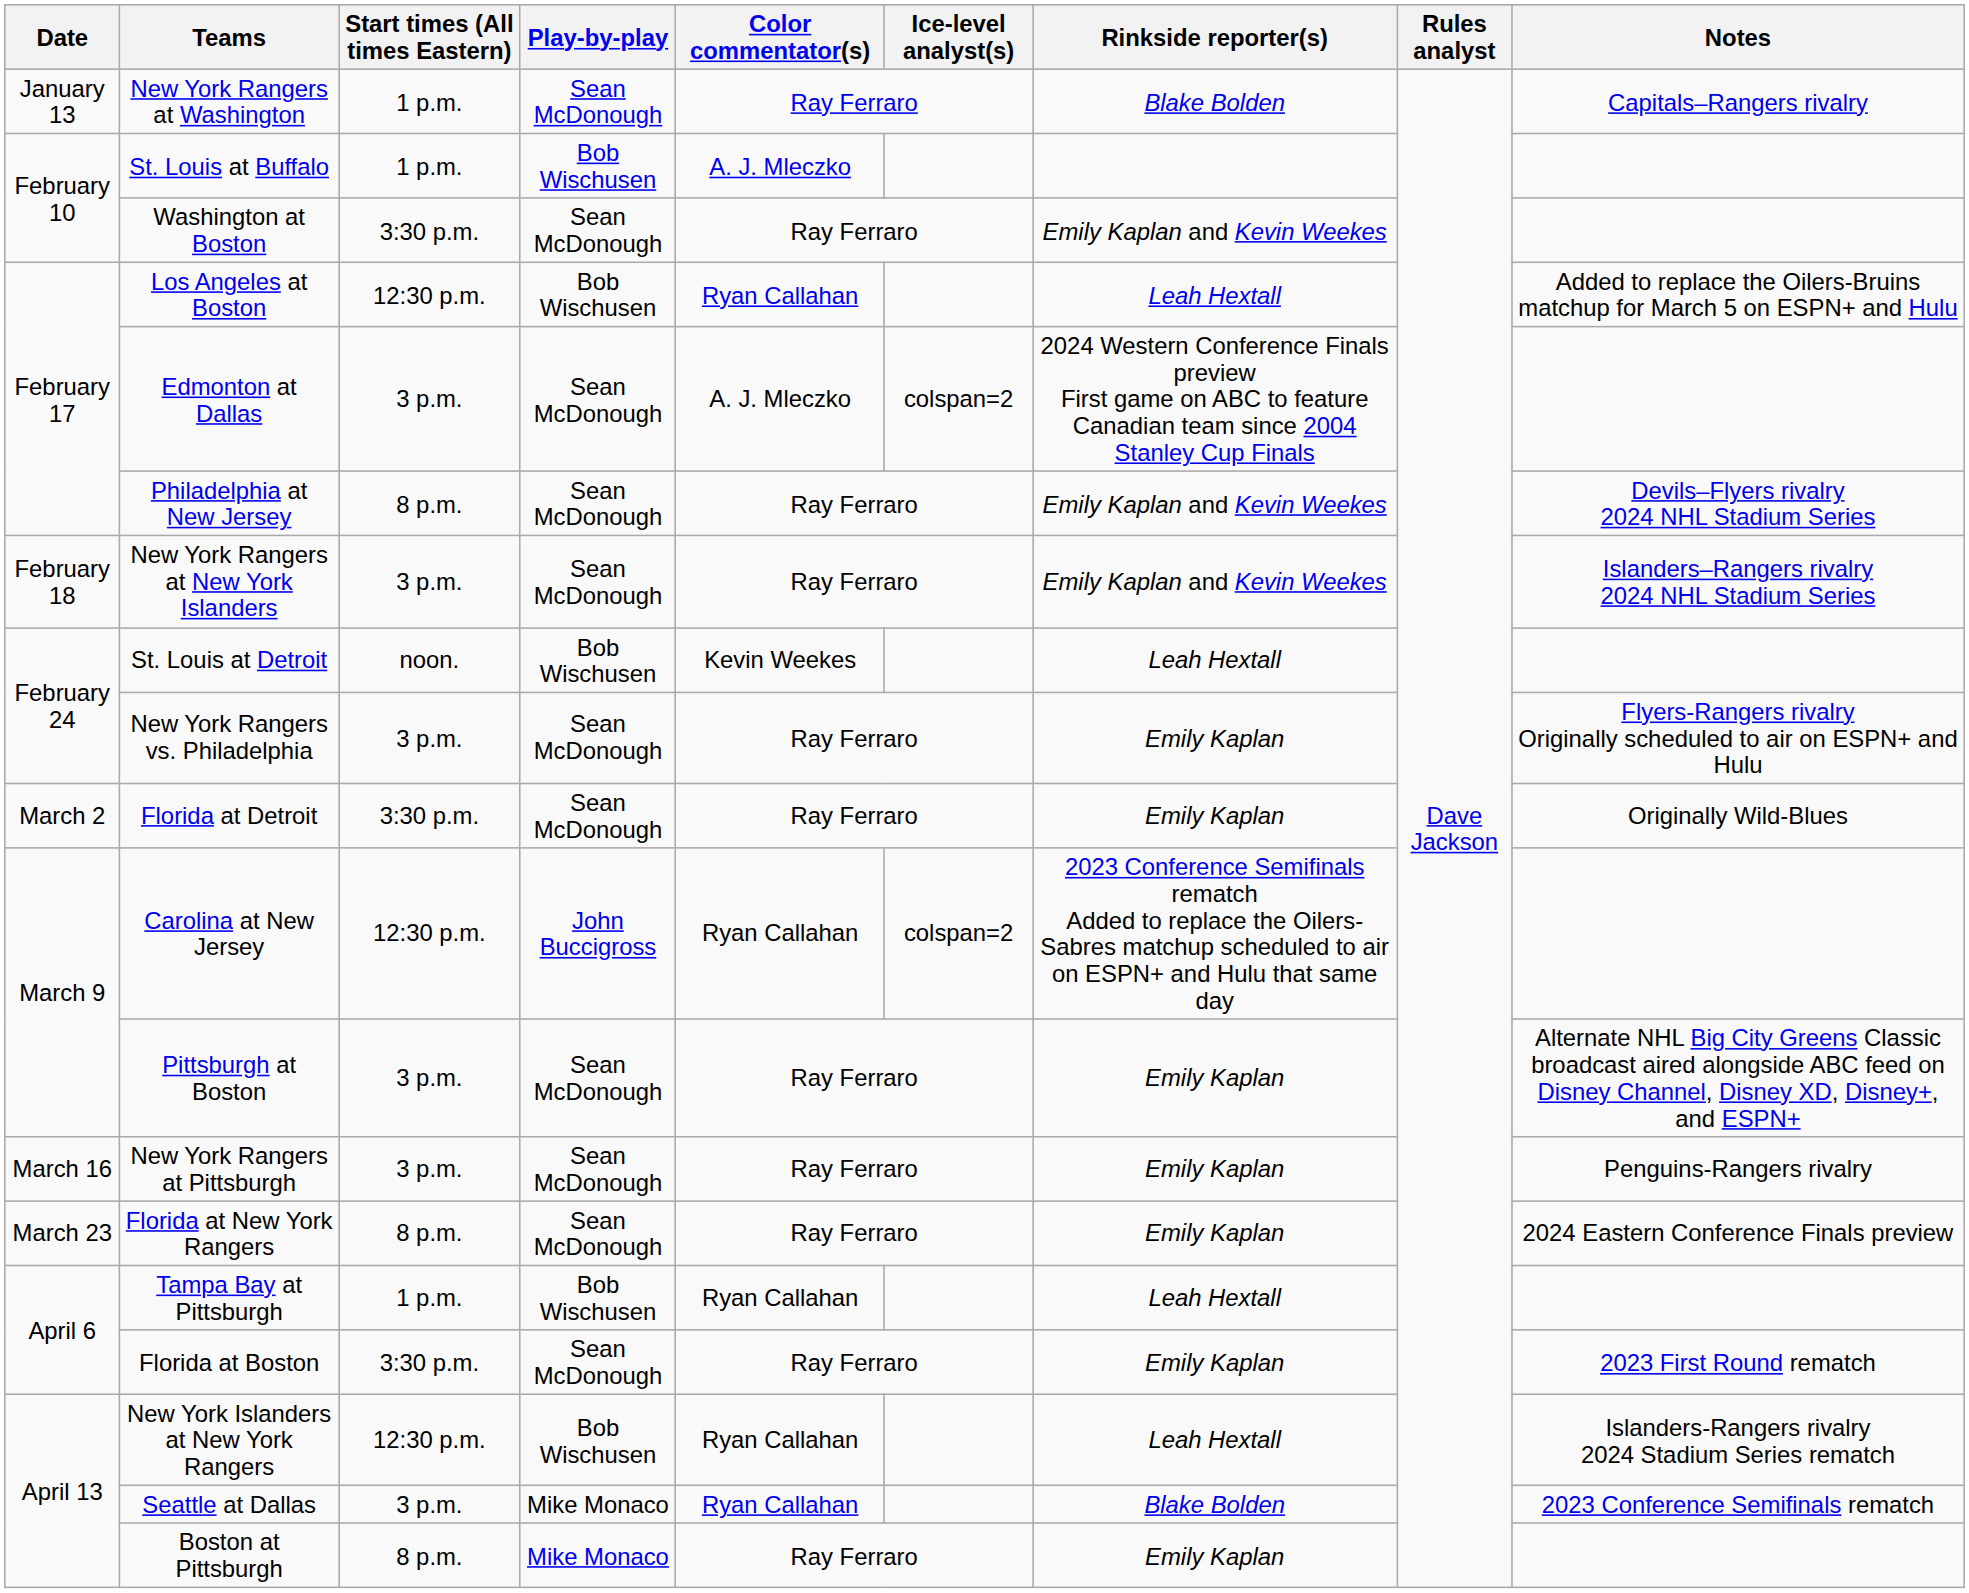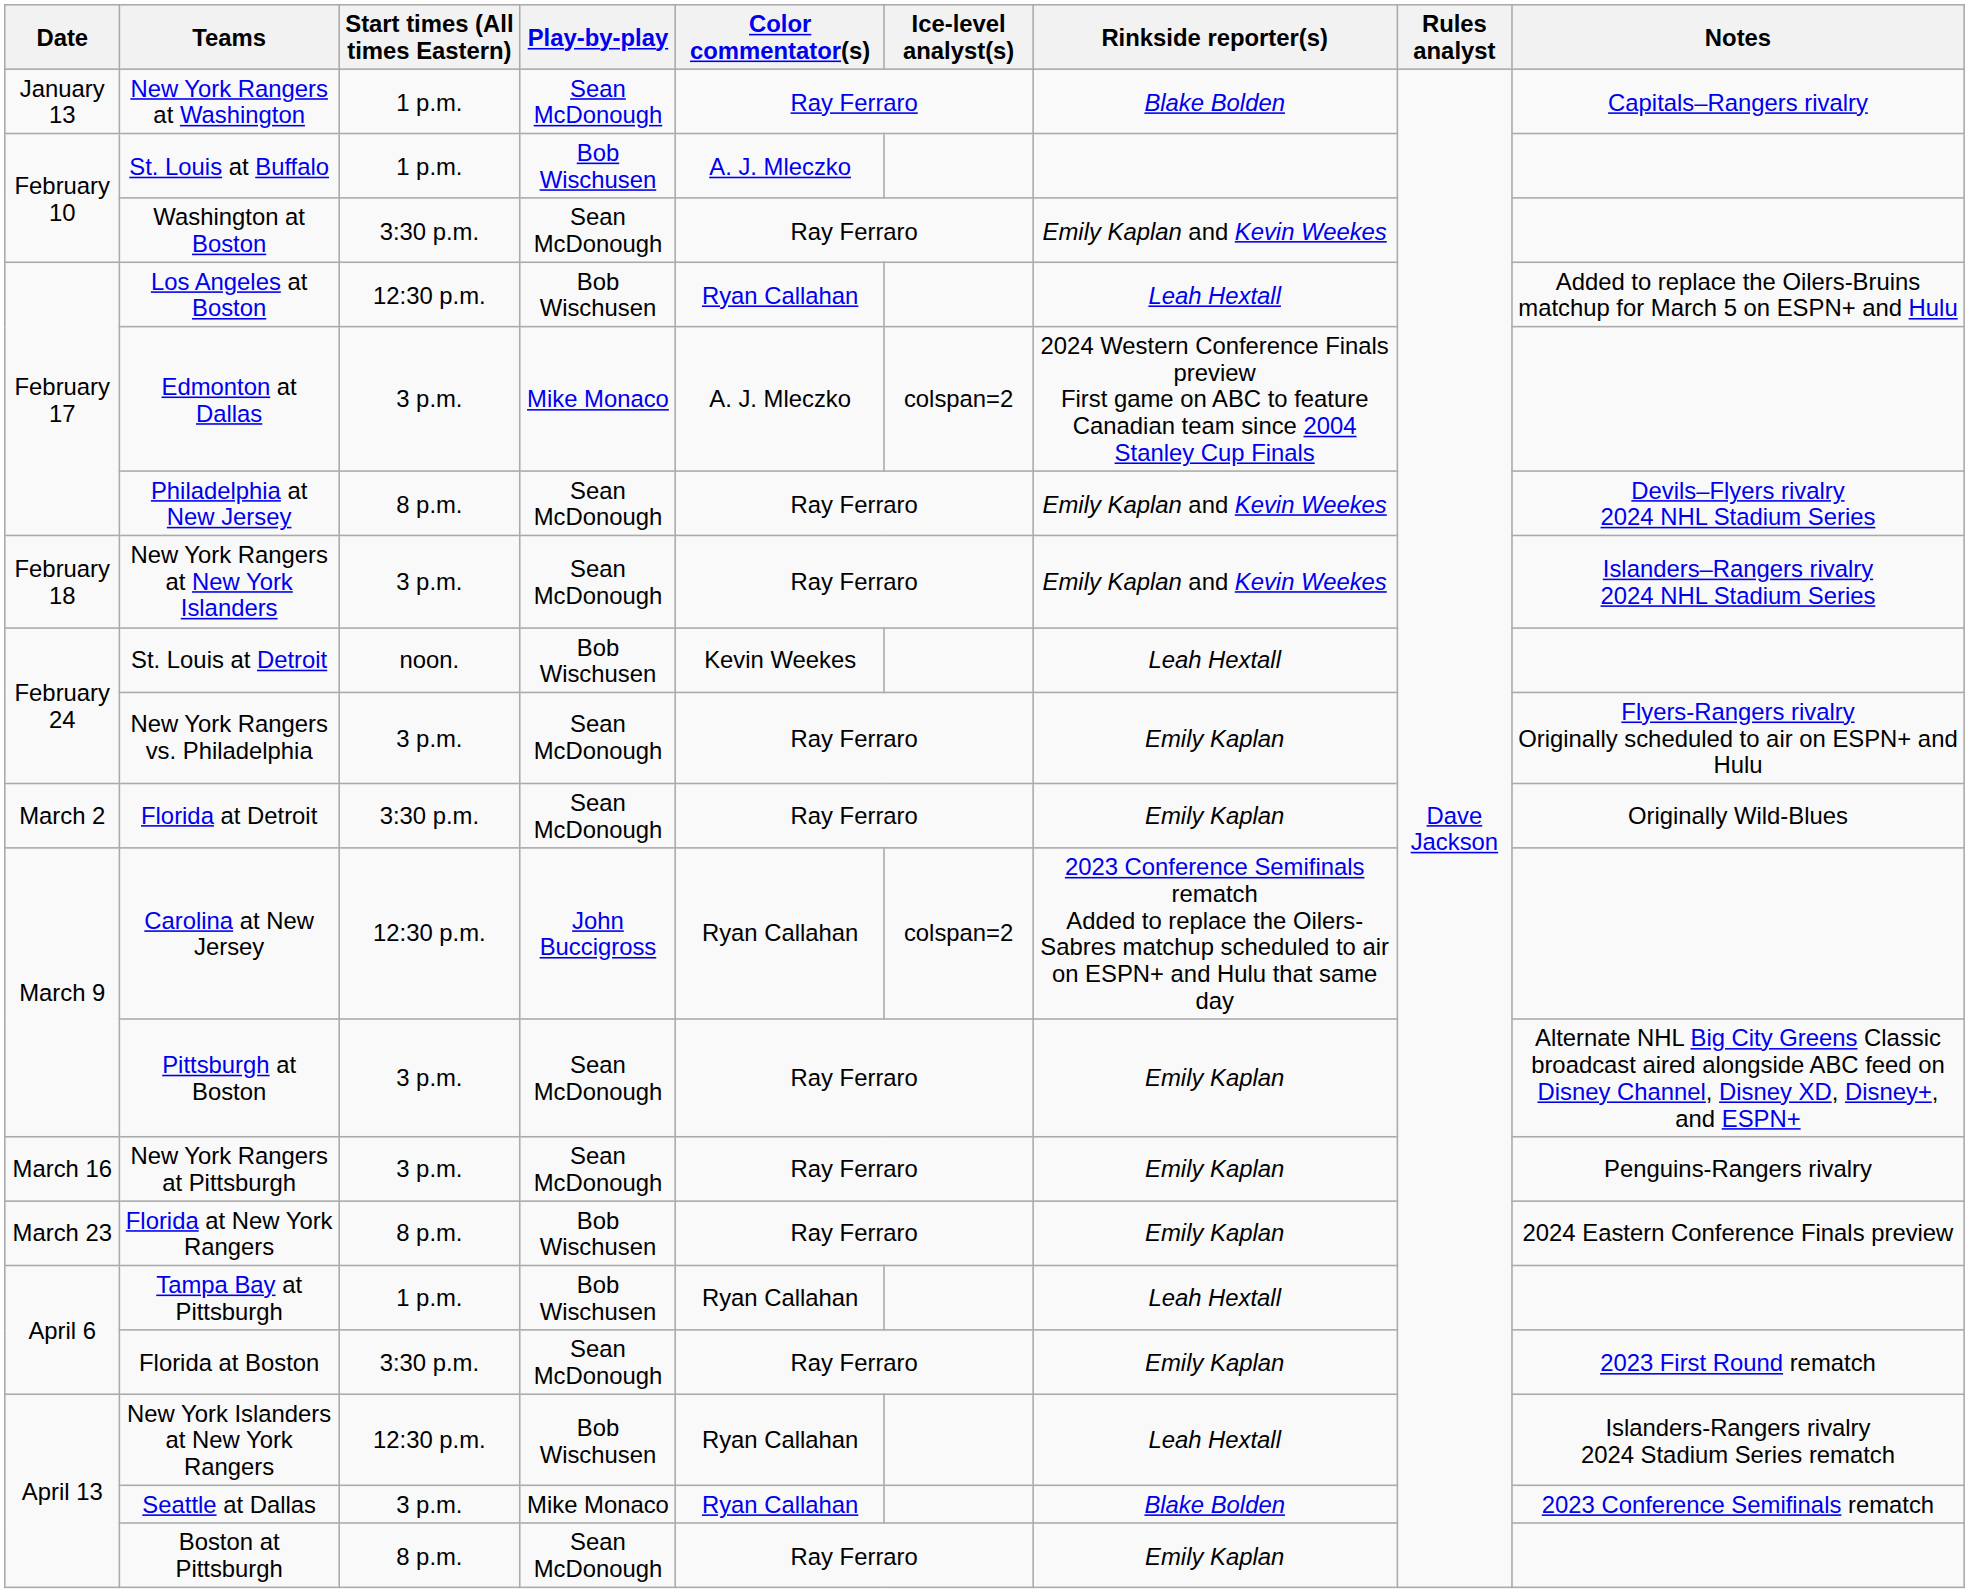 <table class="wikitable sortable" style="font-size:95%;text-align:center;">
 <tr>
 <th>Date</th>
 <th>Teams</th>
 <th>Start times (All times Eastern)</th>
 <th><a href='#'>Play-by-play</a></th>
 <th><a href='#'>Color commentator</a>(s)</th>
 <th>Ice-level analyst(s)</th>
 <th>Rinkside reporter(s)</th>
 <th>Rules analyst</th>
 <th>Notes</th>
 </tr>
 <tr>
 <td>January 13</td>
 <td><a href='#'>New York Rangers</a> at <a href='#'>Washington</a></td>
 <td>1 p.m.</td>
 <td><a href='#'>Sean McDonough</a></td>
 <td colspan=2><a href='#'>Ray Ferraro</a></td>
 <td><em><a href='#'>Blake Bolden</a></em></td>
 <td rowspan="19"><a href='#'>Dave Jackson</a></td>
 <td><a href='#'>Capitals–Rangers rivalry</a></td>
 </tr>
 <tr>
 <td rowspan=2>February 10</td>
 <td><a href='#'>St. Louis</a> at <a href='#'>Buffalo</a></td>
 <td>1 p.m.</td>
 <td><a href='#'>Bob Wischusen</a></td>
 <td><a href='#'>A. J. Mleczko</a></td>
 <td></td>
 <td></td>
 <td></td>
 </tr>
 <tr>
 <td>Washington at <a href='#'>Boston</a></td>
 <td>3:30 p.m.</td>
 <td>Sean McDonough</td>
 <td colspan=2>Ray Ferraro</td>
 <td><em>Emily Kaplan</em> and <em><a href='#'>Kevin Weekes</a></em></td>
 <td></td>
 </tr>
 <tr>
 <td rowspan=3>February 17</td>
 <td><a href='#'>Los Angeles</a> at <a href='#'>Boston</a></td>
 <td>12:30 p.m.</td>
 <td>Bob Wischusen</td>
 <td><a href='#'>Ryan Callahan</a></td>
 <td></td>
 <td><em><a href='#'>Leah Hextall</a></em></td>
 <td>Added to replace the Oilers-Bruins matchup for March 5 on ESPN+ and <a href='#'>Hulu</a></td>
 </tr>
 <tr>
 <td><a href='#'>Edmonton</a> at <a href='#'>Dallas</a></td>
 <td>3 p.m.</td>
-<td>Sean McDonough</td>
+<td><a href='#'>Mike Monaco</a></td>
 <td>A. J. Mleczko</td>
 <td>colspan=2 </td>
 <td>2024 Western Conference Finals preview<br>First game on ABC to feature Canadian team since <a href='#'>2004 Stanley Cup Finals</a></td>
 </tr>
 <tr>
 <td><a href='#'>Philadelphia</a> at <a href='#'>New Jersey</a></td>
 <td>8 p.m.</td>
 <td>Sean McDonough</td>
 <td colspan="2">Ray Ferraro</td>
 <td><em>Emily Kaplan</em> and <em><a href='#'>Kevin Weekes</a></em></td>
 <td><a href='#'>Devils–Flyers rivalry</a><br><a href='#'>2024 NHL Stadium Series</a></td>
 </tr>
 <tr>
 <td>February 18</td>
 <td>New York Rangers at <a href='#'>New York Islanders</a></td>
 <td>3 p.m.</td>
 <td>Sean McDonough</td>
 <td colspan="2">Ray Ferraro</td>
 <td><em>Emily Kaplan</em> and <em><a href='#'>Kevin Weekes</a></em></td>
 <td><a href='#'>Islanders–Rangers rivalry</a><br><a href='#'>2024 NHL Stadium Series</a></td>
 </tr>
 <tr>
 <td rowspan=2>February 24</td>
 <td>St. Louis at <a href='#'>Detroit</a></td>
 <td>noon.</td>
 <td>Bob Wischusen</td>
 <td>Kevin Weekes</td>
 <td></td>
 <td><em>Leah Hextall</em></td>
 <td></td>
 </tr>
 <tr>
 <td>New York Rangers vs. Philadelphia</td>
 <td>3 p.m.</td>
 <td>Sean McDonough</td>
 <td colspan="2">Ray Ferraro</td>
 <td><em>Emily Kaplan</em></td>
 <td><a href='#'>Flyers-Rangers rivalry</a><br>Originally scheduled to air on ESPN+ and Hulu</td>
 </tr>
 <tr>
 <td>March 2</td>
 <td><a href='#'>Florida</a> at Detroit</td>
 <td>3:30 p.m.</td>
 <td>Sean McDonough</td>
 <td colspan="2">Ray Ferraro</td>
 <td><em>Emily Kaplan</em></td>
 <td>Originally Wild-Blues</td>
 </tr>
 <tr>
 <td rowspan=2>March 9</td>
 <td><a href='#'>Carolina</a> at New Jersey</td>
 <td>12:30 p.m.</td>
 <td><a href='#'>John Buccigross</a></td>
 <td>Ryan Callahan</td>
 <td>colspan=2 </td>
 <td><a href='#'>2023 Conference Semifinals</a> rematch<br>Added to replace the Oilers-Sabres matchup scheduled to air on ESPN+ and Hulu that same day</td>
 </tr>
 <tr>
 <td><a href='#'>Pittsburgh</a> at Boston</td>
 <td>3 p.m.</td>
 <td>Sean McDonough</td>
 <td colspan="2">Ray Ferraro</td>
 <td><em>Emily Kaplan</em></td>
 <td>Alternate NHL <a href='#'>Big City Greens</a> Classic broadcast aired alongside ABC feed on <a href='#'>Disney Channel</a>, <a href='#'>Disney XD</a>, <a href='#'>Disney+</a>, and <a href='#'>ESPN+</a></td>
 </tr>
 <tr>
 <td>March 16</td>
 <td>New York Rangers at Pittsburgh</td>
 <td>3 p.m.</td>
 <td>Sean McDonough</td>
 <td colspan="2">Ray Ferraro</td>
 <td><em>Emily Kaplan</em></td>
 <td>Penguins-Rangers rivalry</td>
 </tr>
 <tr>
 <td>March 23</td>
 <td><a href='#'>Florida</a> at New York Rangers</td>
 <td>8 p.m.</td>
-<td>Sean McDonough</td>
+<td>Bob Wischusen</td>
 <td colspan="2">Ray Ferraro</td>
 <td><em>Emily Kaplan</em></td>
 <td>2024 Eastern Conference Finals preview</td>
 </tr>
 <tr>
 <td rowspan=2>April 6</td>
 <td><a href='#'>Tampa Bay</a> at Pittsburgh</td>
 <td>1 p.m.</td>
 <td>Bob Wischusen</td>
 <td>Ryan Callahan</td>
 <td></td>
 <td><em>Leah Hextall</em></td>
 <td></td>
 </tr>
 <tr>
 <td>Florida at Boston</td>
 <td>3:30 p.m.</td>
 <td>Sean McDonough</td>
 <td colspan="2">Ray Ferraro</td>
 <td><em>Emily Kaplan</em></td>
 <td><a href='#'>2023 First Round</a> rematch</td>
 </tr>
 <tr>
 <td rowspan=3>April 13</td>
 <td>New York Islanders at New York Rangers</td>
 <td>12:30 p.m.</td>
 <td>Bob Wischusen</td>
 <td>Ryan Callahan</td>
 <td></td>
 <td><em>Leah Hextall</em></td>
 <td>Islanders-Rangers rivalry<br>2024 Stadium Series rematch</td>
 </tr>
 <tr>
 <td><a href='#'>Seattle</a> at Dallas</td>
 <td>3 p.m.</td>
 <td>Mike Monaco</td>
 <td><a href='#'>Ryan Callahan</a></td>
 <td></td>
 <td><em><a href='#'>Blake Bolden</a></em></td>
 <td><a href='#'>2023 Conference Semifinals</a> rematch</td>
 </tr>
 <tr>
 <td>Boston at Pittsburgh</td>
 <td>8 p.m.</td>
-<td><a href='#'>Mike Monaco</a></td>
+<td>Sean McDonough</td>
 <td colspan="2">Ray Ferraro</td>
 <td><em>Emily Kaplan</em></td>
 <td></td>
 </tr>
 </table>
